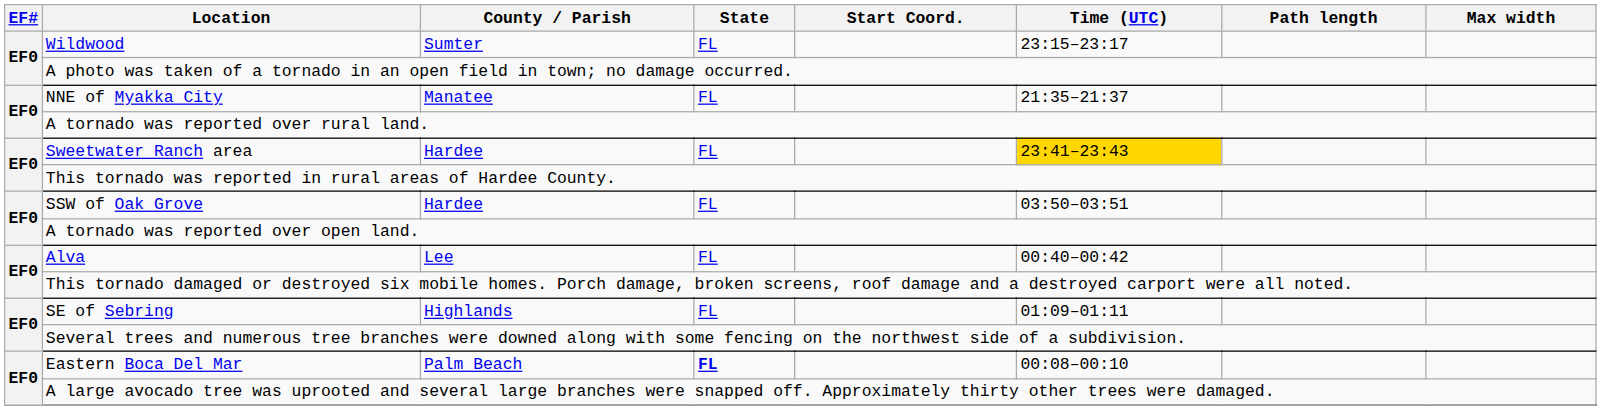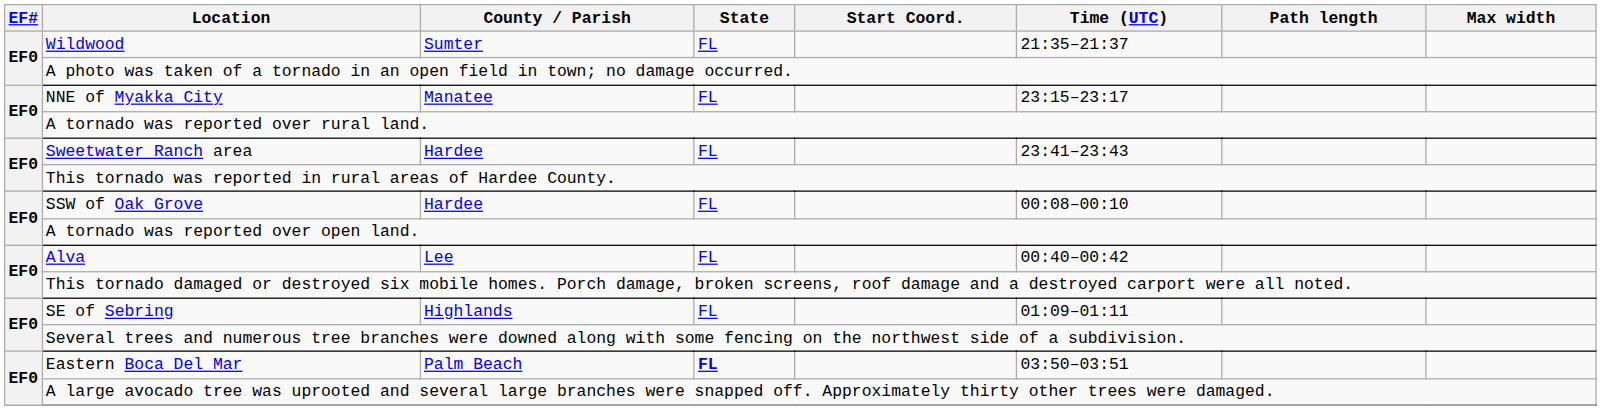 <table class="wikitable sortable" style="width:100%;">
 <tr>
 <th scope="col" width="2%" align="center"><a href='#'>EF#</a></th>
 <th scope="col" align="center" class="unsortable">Location</th>
 <th scope="col" align="center" class="unsortable">County / Parish</th>
 <th scope="col" align="center">State</th>
 <th scope="col" align="center">Start Coord.</th>
 <th scope="col" align="center">Time (<a href='#'>UTC</a>)</th>
 <th scope="col" align="center">Path length</th>
 <th scope="col" align="center">Max width</th>
 </tr>
 <tr>
 <th scope="row" rowspan="2" style="background-color:#">EF0</th>
 <td><a href='#'>Wildwood</a></td>
 <td><a href='#'>Sumter</a></td>
 <td><a href='#'>FL</a></td>
 <td></td>
-<td>23:15–23:17</td>
+<td>21:35–21:37</td>
 <td></td>
 <td></td>
 </tr>
 <tr class="expand-child">
 <td colspan="8" style=" border-bottom: 1px solid black;">A photo was taken of a tornado in an open field in town; no damage occurred.</td>
 </tr>
 <tr>
 <th scope="row" rowspan="2" style="background-color:#">EF0</th>
 <td>NNE of <a href='#'>Myakka City</a></td>
 <td><a href='#'>Manatee</a></td>
 <td><a href='#'>FL</a></td>
 <td></td>
-<td>21:35–21:37</td>
+<td>23:15–23:17</td>
 <td></td>
 <td></td>
 </tr>
 <tr class="expand-child">
 <td colspan="8" style=" border-bottom: 1px solid black;">A tornado was reported over rural land.</td>
 </tr>
 <tr>
 <th scope="row" rowspan="2" style="background-color:#">EF0</th>
 <td><a href='#'>Sweetwater Ranch</a> area</td>
 <td><a href='#'>Hardee</a></td>
 <td><a href='#'>FL</a></td>
 <td></td>
-<td style="background: gold;">23:41–23:43</td>
+<td>23:41–23:43</td>
 <td></td>
 <td></td>
 </tr>
 <tr class="expand-child">
 <td colspan="8" style=" border-bottom: 1px solid black;">This tornado was reported in rural areas of Hardee County.</td>
 </tr>
 <tr>
 <th scope="row" rowspan="2" style="background-color:#">EF0</th>
 <td>SSW of <a href='#'>Oak Grove</a></td>
 <td><a href='#'>Hardee</a></td>
 <td><a href='#'>FL</a></td>
 <td></td>
-<td>03:50–03:51</td>
+<td>00:08–00:10</td>
 <td></td>
 <td></td>
 </tr>
 <tr class="expand-child">
 <td colspan="8" style=" border-bottom: 1px solid black;">A tornado was reported over open land.</td>
 </tr>
 <tr>
 <th scope="row" rowspan="2" style="background-color:#">EF0</th>
 <td><a href='#'>Alva</a></td>
 <td><a href='#'>Lee</a></td>
 <td><a href='#'>FL</a></td>
 <td></td>
 <td>00:40–00:42</td>
 <td></td>
 <td></td>
 </tr>
 <tr class="expand-child">
 <td colspan="8" style=" border-bottom: 1px solid black;">This tornado damaged or destroyed six mobile homes. Porch damage, broken screens, roof damage and a destroyed carport were all noted.</td>
 </tr>
 <tr>
 <th scope="row" rowspan="2" style="background-color:#">EF0</th>
 <td>SE of <a href='#'>Sebring</a></td>
 <td><a href='#'>Highlands</a></td>
 <td><a href='#'>FL</a></td>
 <td></td>
 <td>01:09–01:11</td>
 <td></td>
 <td></td>
 </tr>
 <tr class="expand-child">
 <td colspan="8" style=" border-bottom: 1px solid black;">Several trees and numerous tree branches were downed along with some fencing on the northwest side of a subdivision.</td>
 </tr>
 <tr>
 <th scope="row" rowspan="2" style="background-color:#">EF0</th>
 <td>Eastern <a href='#'>Boca Del Mar</a></td>
 <td><a href='#'>Palm Beach</a></td>
 <td><strong><a href='#'>FL</a></strong></td>
 <td></td>
-<td>00:08–00:10</td>
+<td>03:50–03:51</td>
 <td></td>
 <td></td>
 </tr>
 <tr class="expand-child">
 <td colspan="8" style=" border-bottom: 1px solid black;">A large avocado tree was uprooted and several large branches were snapped off. Approximately thirty other trees were damaged.</td>
 </tr>
 <tr>
 </tr>
 </table>
